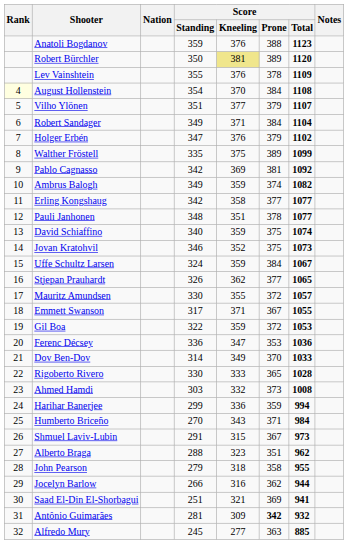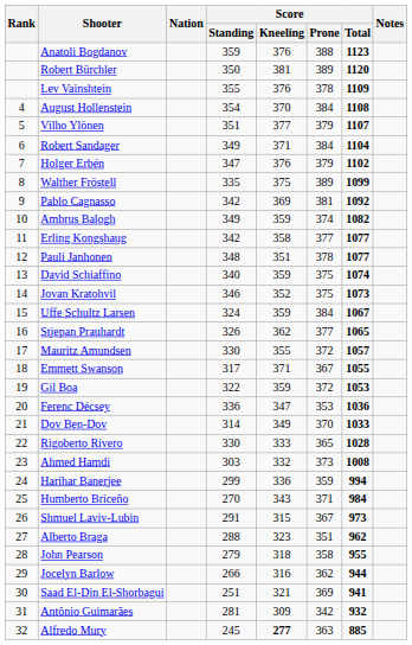 <table class="wikitable sortable" style="text-align:center">
 <tr>
 <th rowspan=2>Rank</th>
 <th rowspan=2>Shooter</th>
 <th rowspan=2>Nation</th>
 <th colspan=4>Score</th>
 <th rowspan=2>Notes</th>
 </tr>
 <tr>
 <th>Standing</th>
 <th>Kneeling</th>
 <th>Prone</th>
 <th>Total</th>
 </tr>
 <tr>
 <td></td>
 <td align=left><a href='#'>Anatoli Bogdanov</a></td>
 <td align=left></td>
 <td>359</td>
 <td>376</td>
 <td>388</td>
 <td><strong>1123</strong></td>
 <td></td>
 </tr>
 <tr>
 <td></td>
 <td align=left><a href='#'>Robert Bürchler</a></td>
 <td align=left></td>
 <td>350</td>
-<td style="background: khaki;">381 <strong></strong></td>
+<td>381 <strong></strong></td>
 <td>389</td>
 <td><strong>1120</strong></td>
 <td></td>
 </tr>
 <tr>
 <td></td>
 <td align=left><a href='#'>Lev Vainshtein</a></td>
 <td align=left></td>
 <td>355</td>
 <td>376</td>
 <td>378</td>
 <td><strong>1109</strong></td>
 <td></td>
 </tr>
 <tr>
-<td style="background: lightyellow;">4</td>
+<td>4</td>
 <td align=left><a href='#'>August Hollenstein</a></td>
 <td align=left></td>
 <td>354</td>
 <td>370</td>
 <td>384</td>
 <td><strong>1108</strong></td>
 <td></td>
 </tr>
 <tr>
 <td>5</td>
 <td align=left><a href='#'>Vilho Ylönen</a></td>
 <td align=left></td>
 <td>351</td>
 <td>377</td>
 <td>379</td>
 <td><strong>1107</strong></td>
 <td></td>
 </tr>
 <tr>
 <td>6</td>
 <td align=left><a href='#'>Robert Sandager</a></td>
 <td align=left></td>
 <td>349</td>
 <td>371</td>
 <td>384</td>
 <td><strong>1104</strong></td>
 <td></td>
 </tr>
 <tr>
 <td>7</td>
 <td align=left><a href='#'>Holger Erbén</a></td>
 <td align=left></td>
 <td>347</td>
 <td>376</td>
 <td>379</td>
 <td><strong>1102</strong></td>
 <td></td>
 </tr>
 <tr>
 <td>8</td>
 <td align=left><a href='#'>Walther Fröstell</a></td>
 <td align=left></td>
 <td>335</td>
 <td>375</td>
 <td>389</td>
 <td><strong>1099</strong></td>
 <td></td>
 </tr>
 <tr>
 <td>9</td>
 <td align=left><a href='#'>Pablo Cagnasso</a></td>
 <td align=left></td>
 <td>342</td>
 <td>369</td>
 <td>381</td>
 <td><strong>1092</strong></td>
 <td></td>
 </tr>
 <tr>
 <td>10</td>
 <td align=left><a href='#'>Ambrus Balogh</a></td>
 <td align=left></td>
 <td>349</td>
 <td>359</td>
 <td>374</td>
 <td><strong>1082</strong></td>
 <td></td>
 </tr>
 <tr>
 <td>11</td>
 <td align=left><a href='#'>Erling Kongshaug</a></td>
 <td align=left></td>
 <td>342</td>
 <td>358</td>
 <td>377</td>
 <td><strong>1077</strong></td>
 <td></td>
 </tr>
 <tr>
 <td>12</td>
 <td align=left><a href='#'>Pauli Janhonen</a></td>
 <td align=left></td>
 <td>348</td>
 <td>351</td>
 <td>378</td>
 <td><strong>1077</strong></td>
 <td></td>
 </tr>
 <tr>
 <td>13</td>
 <td align=left><a href='#'>David Schiaffino</a></td>
 <td align=left></td>
 <td>340</td>
 <td>359</td>
 <td>375</td>
 <td><strong>1074</strong></td>
 <td></td>
 </tr>
 <tr>
 <td>14</td>
 <td align=left><a href='#'>Jovan Kratohvil</a></td>
 <td align=left></td>
 <td>346</td>
 <td>352</td>
 <td>375</td>
 <td><strong>1073</strong></td>
 <td></td>
 </tr>
 <tr>
 <td>15</td>
 <td align=left><a href='#'>Uffe Schultz Larsen</a></td>
 <td align=left></td>
 <td>324</td>
 <td>359</td>
 <td>384</td>
 <td><strong>1067</strong></td>
 <td></td>
 </tr>
 <tr>
 <td>16</td>
 <td align=left><a href='#'>Stjepan Prauhardt</a></td>
 <td align=left></td>
 <td>326</td>
 <td>362</td>
 <td>377</td>
 <td><strong>1065</strong></td>
 <td></td>
 </tr>
 <tr>
 <td>17</td>
 <td align=left><a href='#'>Mauritz Amundsen</a></td>
 <td align=left></td>
 <td>330</td>
 <td>355</td>
 <td>372</td>
 <td><strong>1057</strong></td>
 <td></td>
 </tr>
 <tr>
 <td>18</td>
 <td align=left><a href='#'>Emmett Swanson</a></td>
 <td align=left></td>
 <td>317</td>
 <td>371</td>
 <td>367</td>
 <td><strong>1055</strong></td>
 <td></td>
 </tr>
 <tr>
 <td>19</td>
 <td align=left><a href='#'>Gil Boa</a></td>
 <td align=left></td>
 <td>322</td>
 <td>359</td>
 <td>372</td>
 <td><strong>1053</strong></td>
 <td></td>
 </tr>
 <tr>
 <td>20</td>
 <td align=left><a href='#'>Ferenc Décsey</a></td>
 <td align=left></td>
 <td>336</td>
 <td>347</td>
 <td>353</td>
 <td><strong>1036</strong></td>
 <td></td>
 </tr>
 <tr>
 <td>21</td>
 <td align=left><a href='#'>Dov Ben-Dov</a></td>
 <td align=left></td>
 <td>314</td>
 <td>349</td>
 <td>370</td>
 <td><strong>1033</strong></td>
 <td></td>
 </tr>
 <tr>
 <td>22</td>
 <td align=left><a href='#'>Rigoberto Rivero</a></td>
 <td align=left></td>
 <td>330</td>
 <td>333</td>
 <td>365</td>
 <td><strong>1028</strong></td>
 <td></td>
 </tr>
 <tr>
 <td>23</td>
 <td align=left><a href='#'>Ahmed Hamdi</a></td>
 <td align=left></td>
 <td>303</td>
 <td>332</td>
 <td>373</td>
 <td><strong>1008</strong></td>
 <td></td>
 </tr>
 <tr>
 <td>24</td>
 <td align=left><a href='#'>Harihar Banerjee</a></td>
 <td align=left></td>
 <td>299</td>
 <td>336</td>
 <td>359</td>
 <td><strong>994</strong></td>
 <td></td>
 </tr>
 <tr>
 <td>25</td>
 <td align=left><a href='#'>Humberto Briceño</a></td>
 <td align=left></td>
 <td>270</td>
 <td>343</td>
 <td>371</td>
 <td><strong>984</strong></td>
 <td></td>
 </tr>
 <tr>
 <td>26</td>
 <td align=left><a href='#'>Shmuel Laviv-Lubin</a></td>
 <td align=left></td>
 <td>291</td>
 <td>315</td>
 <td>367</td>
 <td><strong>973</strong></td>
 <td></td>
 </tr>
 <tr>
 <td>27</td>
 <td align=left><a href='#'>Alberto Braga</a></td>
 <td align=left></td>
 <td>288</td>
 <td>323</td>
 <td>351</td>
 <td><strong>962</strong></td>
 <td></td>
 </tr>
 <tr>
 <td>28</td>
 <td align=left><a href='#'>John Pearson</a></td>
 <td align=left></td>
 <td>279</td>
 <td>318</td>
 <td>358</td>
 <td><strong>955</strong></td>
 <td></td>
 </tr>
 <tr>
 <td>29</td>
 <td align=left><a href='#'>Jocelyn Barlow</a></td>
 <td align=left></td>
 <td>266</td>
 <td>316</td>
 <td>362</td>
 <td><strong>944</strong></td>
 <td></td>
 </tr>
 <tr>
 <td>30</td>
 <td align=left><a href='#'>Saad El-Din El-Shorbagui</a></td>
 <td align=left></td>
 <td>251</td>
 <td>321</td>
 <td>369</td>
 <td><strong>941</strong></td>
 <td></td>
 </tr>
 <tr>
 <td>31</td>
 <td align=left><a href='#'>Antônio Guimarães</a></td>
 <td align=left></td>
 <td>281</td>
 <td>309</td>
-<td><strong>342</strong></td>
+<td>342</td>
 <td><strong>932</strong></td>
 <td></td>
 </tr>
 <tr>
 <td>32</td>
 <td align=left><a href='#'>Alfredo Mury</a></td>
 <td align=left></td>
 <td>245</td>
-<td>277</td>
+<td><strong>277</strong></td>
 <td>363</td>
 <td><strong>885</strong></td>
 <td></td>
 </tr>
 </table>
